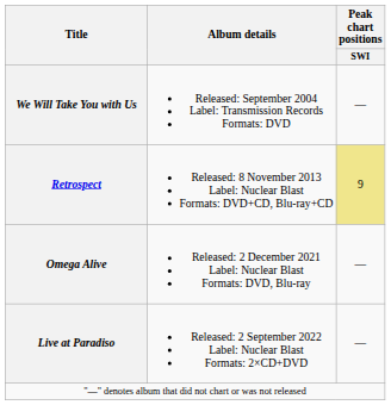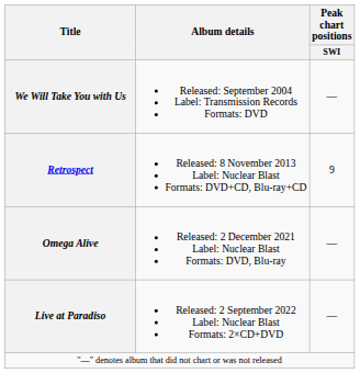 <table class="wikitable plainrowheaders" style="text-align:center;" border="1">
 <tr>
 <th scope="col" rowspan="2" style="width:12em;">Title</th>
 <th scope="col" rowspan="2" style="width:16em;">Album details</th>
 <th scope="col" colspan="1">Peak chart positions</th>
 </tr>
 <tr>
 <th scope="col" style="width:3em;font-size:85%;">SWI<br></th>
 </tr>
 <tr>
 <th scope="row"><em>We Will Take You with Us</em></th>
 <td><br><ul><li>Released: September 2004</li><li>Label: Transmission Records</li><li>Formats: DVD</li></ul></td>
 <td>—</td>
 </tr>
 <tr>
 <th scope="row"><em><a href='#'>Retrospect</a></em></th>
 <td><br><ul><li>Released: 8 November 2013</li><li>Label: Nuclear Blast</li><li>Formats: DVD+CD, Blu-ray+CD</li></ul></td>
-<td style="background: khaki;">9</td>
+<td>9</td>
 </tr>
 <tr>
 <th scope="row"><em>Omega Alive</em></th>
 <td><br><ul><li>Released: 2 December 2021</li><li>Label: Nuclear Blast</li><li>Formats: DVD, Blu-ray</li></ul></td>
 <td>—</td>
 </tr>
 <tr>
 <th scope="row"><em>Live at Paradiso</em></th>
 <td><br><ul><li>Released: 2 September 2022</li><li>Label: Nuclear Blast</li><li>Formats: 2×CD+DVD</li></ul></td>
 <td>—</td>
 </tr>
 <tr>
 <td colspan="15" style="font-size:85%">"—" denotes album that did not chart or was not released</td>
 </tr>
 </table>
